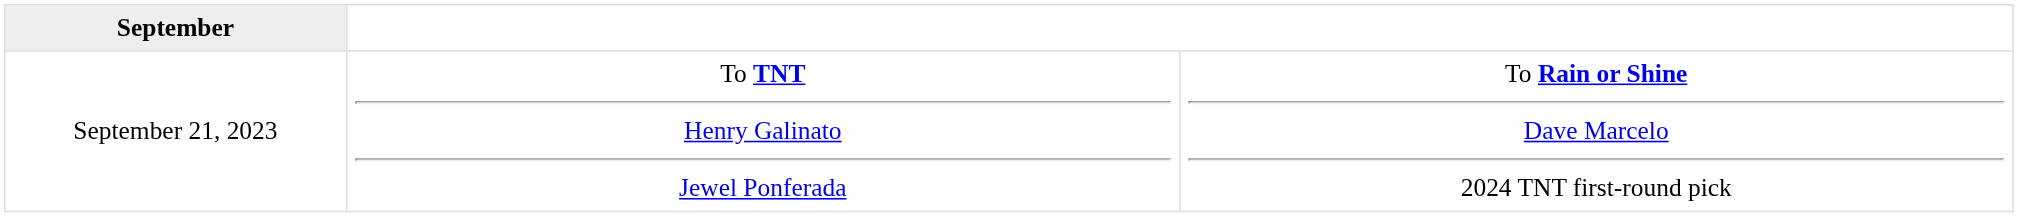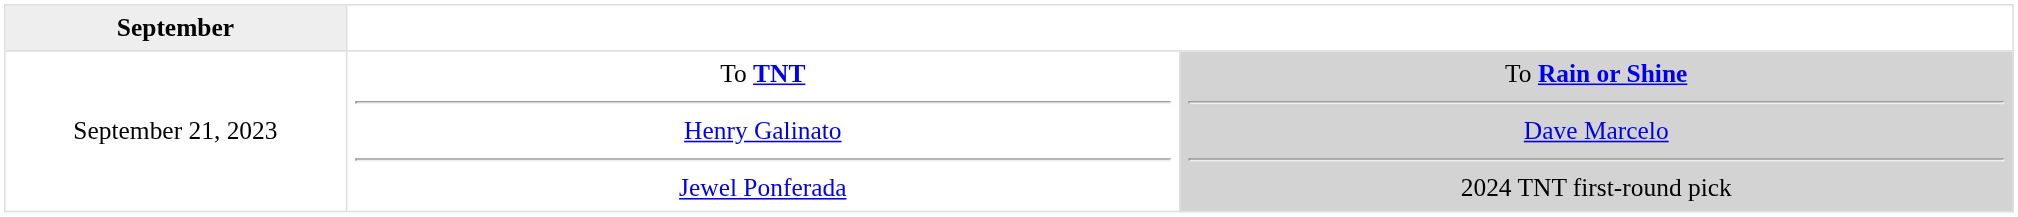 <table border=1 style="border-collapse:collapse; text-align: center; width: 100%" bordercolor="#DFDFDF"  cellpadding="5">
 <tr bgcolor="eeeeee">
 <th>September</th>
 </tr>
 <tr>
 <td style="width:12%">September 21, 2023</td>
 <td style="width:29.3%" valign="top">To <strong><a href='#'>TNT</a></strong><hr><a href='#'>Henry Galinato</a><hr><a href='#'>Jewel Ponferada</a></td>
-<td style="width:29.3%" valign="top">To <strong><a href='#'>Rain or Shine</a></strong><hr><a href='#'>Dave Marcelo</a><hr>2024 TNT first-round pick</td>
+<td style="background: lightgrey; width:29.3%" valign="top">To <strong><a href='#'>Rain or Shine</a></strong><hr><a href='#'>Dave Marcelo</a><hr>2024 TNT first-round pick</td>
 </tr>
 </table>
